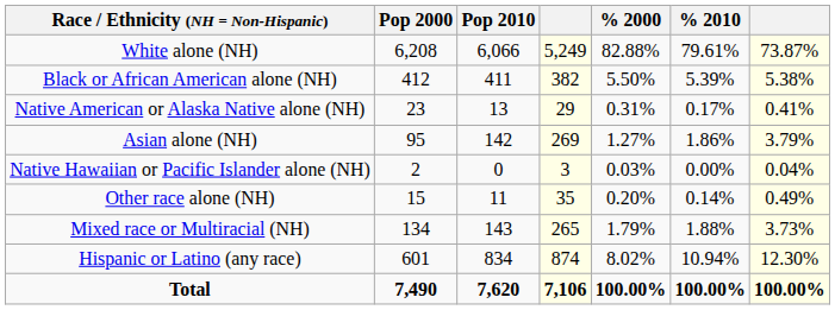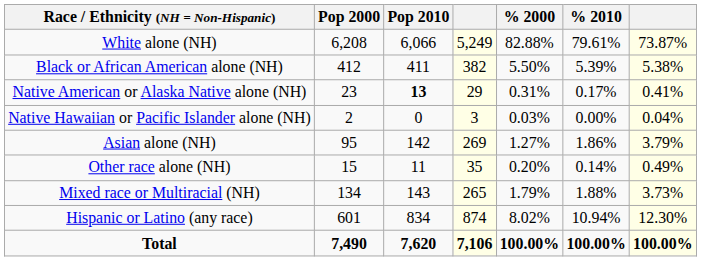 <table class="wikitable" style="text-align:center;">
 <tr>
 <th>Race / Ethnicity <small>(<em>NH = Non-Hispanic</em>)</small></th>
 <th>Pop 2000</th>
 <th>Pop 2010</th>
 <th></th>
 <th>% 2000</th>
 <th>% 2010</th>
 <th></th>
 </tr>
 <tr>
 <td><a href='#'>White</a> alone (NH)</td>
 <td>6,208</td>
 <td>6,066</td>
 <td style='background: #ffffe6;'>5,249</td>
 <td>82.88%</td>
 <td>79.61%</td>
 <td style='background: #ffffe6;'>73.87%</td>
 </tr>
 <tr>
 <td><a href='#'>Black or African American</a> alone (NH)</td>
 <td>412</td>
 <td>411</td>
 <td style='background: #ffffe6;'>382</td>
 <td>5.50%</td>
 <td>5.39%</td>
 <td style='background: #ffffe6;'>5.38%</td>
 </tr>
 <tr>
 <td><a href='#'>Native American</a> or <a href='#'>Alaska Native</a> alone (NH)</td>
 <td>23</td>
-<td>13</td>
+<td><strong>13</strong></td>
 <td style='background: #ffffe6;'>29</td>
 <td>0.31%</td>
 <td>0.17%</td>
 <td style='background: #ffffe6;'>0.41%</td>
+</tr>
+<tr>
+<td><a href='#'>Native Hawaiian</a> or <a href='#'>Pacific Islander</a> alone (NH)</td>
+<td>2</td>
+<td>0</td>
+<td style='background: #ffffe6;'>3</td>
+<td>0.03%</td>
+<td>0.00%</td>
+<td style='background: #ffffe6;'>0.04%</td>
 </tr>
 <tr>
 <td><a href='#'>Asian</a> alone (NH)</td>
 <td>95</td>
 <td>142</td>
 <td style='background: #ffffe6;'>269</td>
 <td>1.27%</td>
 <td>1.86%</td>
 <td style='background: #ffffe6;'>3.79%</td>
-</tr>
-<tr>
-<td><a href='#'>Native Hawaiian</a> or <a href='#'>Pacific Islander</a> alone (NH)</td>
-<td>2</td>
-<td>0</td>
-<td style='background: #ffffe6;'>3</td>
-<td>0.03%</td>
-<td>0.00%</td>
-<td style='background: #ffffe6;'>0.04%</td>
 </tr>
 <tr>
 <td><a href='#'>Other race</a> alone (NH)</td>
 <td>15</td>
 <td>11</td>
 <td style='background: #ffffe6;'>35</td>
 <td>0.20%</td>
 <td>0.14%</td>
 <td style='background: #ffffe6;'>0.49%</td>
 </tr>
 <tr>
 <td><a href='#'>Mixed race or Multiracial</a> (NH)</td>
 <td>134</td>
 <td>143</td>
 <td style='background: #ffffe6;'>265</td>
 <td>1.79%</td>
 <td>1.88%</td>
 <td style='background: #ffffe6;'>3.73%</td>
 </tr>
 <tr>
 <td><a href='#'>Hispanic or Latino</a> (any race)</td>
 <td>601</td>
 <td>834</td>
 <td style='background: #ffffe6;'>874</td>
 <td>8.02%</td>
 <td>10.94%</td>
 <td style='background: #ffffe6;'>12.30%</td>
 </tr>
 <tr>
 <td><strong>Total</strong></td>
 <td><strong>7,490</strong></td>
 <td><strong>7,620</strong></td>
 <td style='background: #ffffe6;'><strong>7,106</strong></td>
 <td><strong>100.00%</strong></td>
 <td><strong>100.00%</strong></td>
 <td style='background: #ffffe6;'><strong>100.00%</strong></td>
 </tr>
 </table>
